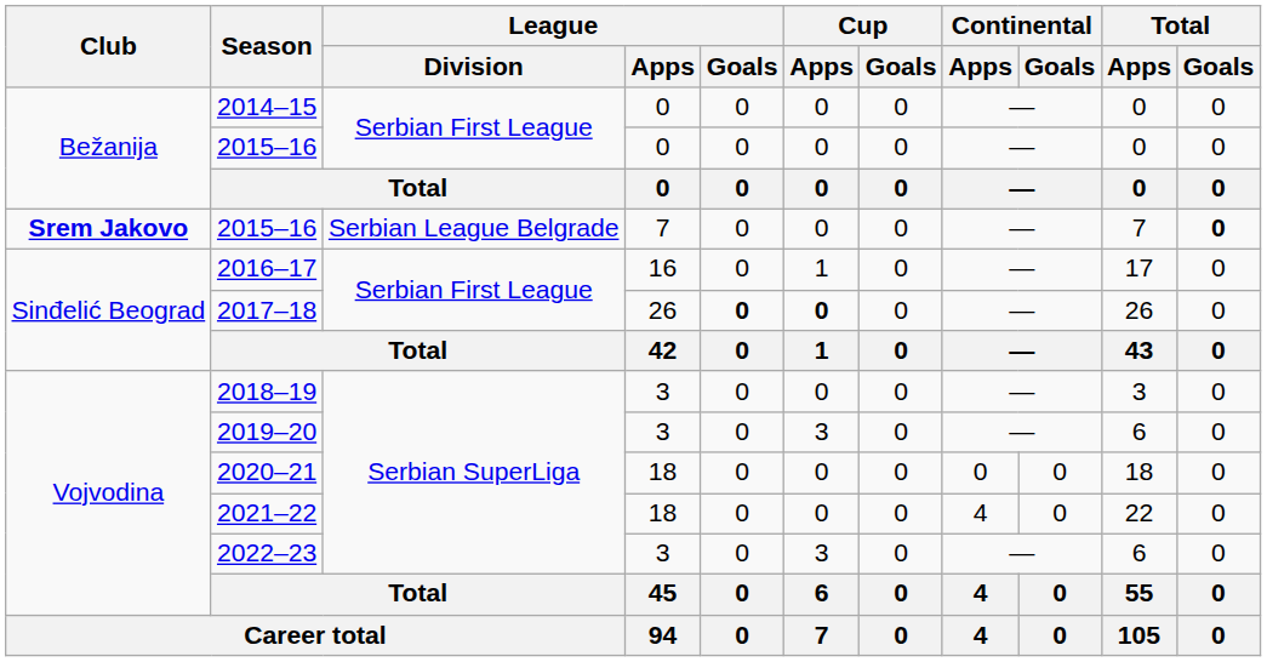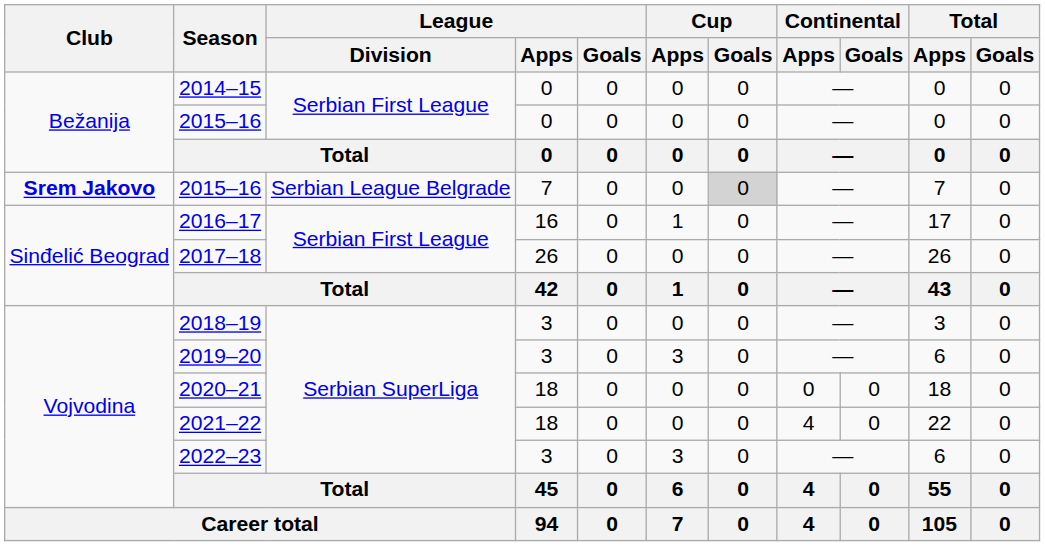 <table class="wikitable" style="text-align:center">
 <tr>
 <th rowspan="2">Club</th>
 <th rowspan="2">Season</th>
 <th colspan="3">League</th>
 <th colspan="2">Cup</th>
 <th colspan="2">Continental</th>
 <th colspan="2">Total</th>
 </tr>
 <tr>
 <th>Division</th>
 <th>Apps</th>
 <th>Goals</th>
 <th>Apps</th>
 <th>Goals</th>
 <th>Apps</th>
 <th>Goals</th>
 <th>Apps</th>
 <th>Goals</th>
 </tr>
 <tr>
 <td rowspan="3"><a href='#'>Bežanija</a></td>
 <td><a href='#'>2014–15</a></td>
 <td rowspan=2><a href='#'>Serbian First League</a></td>
 <td>0</td>
 <td>0</td>
 <td>0</td>
 <td>0</td>
 <td colspan="2">—</td>
 <td>0</td>
 <td>0</td>
 </tr>
 <tr>
 <td><a href='#'>2015–16</a></td>
 <td>0</td>
 <td>0</td>
 <td>0</td>
 <td>0</td>
 <td colspan="2">—</td>
 <td>0</td>
 <td>0</td>
 </tr>
 <tr>
 <th colspan="2">Total</th>
 <th>0</th>
 <th>0</th>
 <th>0</th>
 <th>0</th>
 <th colspan="2">—</th>
 <th>0</th>
 <th>0</th>
 </tr>
 <tr>
 <td><strong><a href='#'>Srem Jakovo</a></strong></td>
 <td><a href='#'>2015–16</a></td>
 <td><a href='#'>Serbian League Belgrade</a></td>
 <td>7</td>
 <td>0</td>
 <td>0</td>
-<td>0</td>
+<td style="background: lightgrey;">0</td>
 <td colspan="2">—</td>
 <td>7</td>
-<td><strong>0</strong></td>
+<td>0</td>
 </tr>
 <tr>
 <td rowspan="3"><a href='#'>Sinđelić Beograd</a></td>
 <td><a href='#'>2016–17</a></td>
 <td rowspan=2><a href='#'>Serbian First League</a></td>
 <td>16</td>
 <td>0</td>
 <td>1</td>
 <td>0</td>
 <td colspan="2">—</td>
 <td>17</td>
 <td>0</td>
 </tr>
 <tr>
 <td><a href='#'>2017–18</a></td>
 <td>26</td>
-<td><strong>0</strong></td>
-<td><strong>0</strong></td>
+<td>0</td>
+<td>0</td>
 <td>0</td>
 <td colspan="2">—</td>
 <td>26</td>
 <td>0</td>
 </tr>
 <tr>
 <th colspan="2">Total</th>
 <th>42</th>
 <th>0</th>
 <th>1</th>
 <th>0</th>
 <th colspan="2">—</th>
 <th>43</th>
 <th>0</th>
 </tr>
 <tr>
 <td rowspan="6"><a href='#'>Vojvodina</a></td>
 <td><a href='#'>2018–19</a></td>
 <td rowspan="5"><a href='#'>Serbian SuperLiga</a></td>
 <td>3</td>
 <td>0</td>
 <td>0</td>
 <td>0</td>
 <td colspan="2">—</td>
 <td>3</td>
 <td>0</td>
 </tr>
 <tr>
 <td><a href='#'>2019–20</a></td>
 <td>3</td>
 <td>0</td>
 <td>3</td>
 <td>0</td>
 <td colspan="2">—</td>
 <td>6</td>
 <td>0</td>
 </tr>
 <tr>
 <td><a href='#'>2020–21</a></td>
 <td>18</td>
 <td>0</td>
 <td>0</td>
 <td>0</td>
 <td>0</td>
 <td>0</td>
 <td>18</td>
 <td>0</td>
 </tr>
 <tr>
 <td><a href='#'>2021–22</a></td>
 <td>18</td>
 <td>0</td>
 <td>0</td>
 <td>0</td>
 <td>4</td>
 <td>0</td>
 <td>22</td>
 <td>0</td>
 </tr>
 <tr>
 <td><a href='#'>2022–23</a></td>
 <td>3</td>
 <td>0</td>
 <td>3</td>
 <td>0</td>
 <td colspan="2">—</td>
 <td>6</td>
 <td>0</td>
 </tr>
 <tr>
 <th colspan="2">Total</th>
 <th>45</th>
 <th>0</th>
 <th>6</th>
 <th>0</th>
 <th>4</th>
 <th>0</th>
 <th>55</th>
 <th>0</th>
 </tr>
 <tr>
 <th colspan="3">Career total</th>
 <th>94</th>
 <th>0</th>
 <th>7</th>
 <th>0</th>
 <th>4</th>
 <th>0</th>
 <th>105</th>
 <th>0</th>
 </tr>
 </table>
